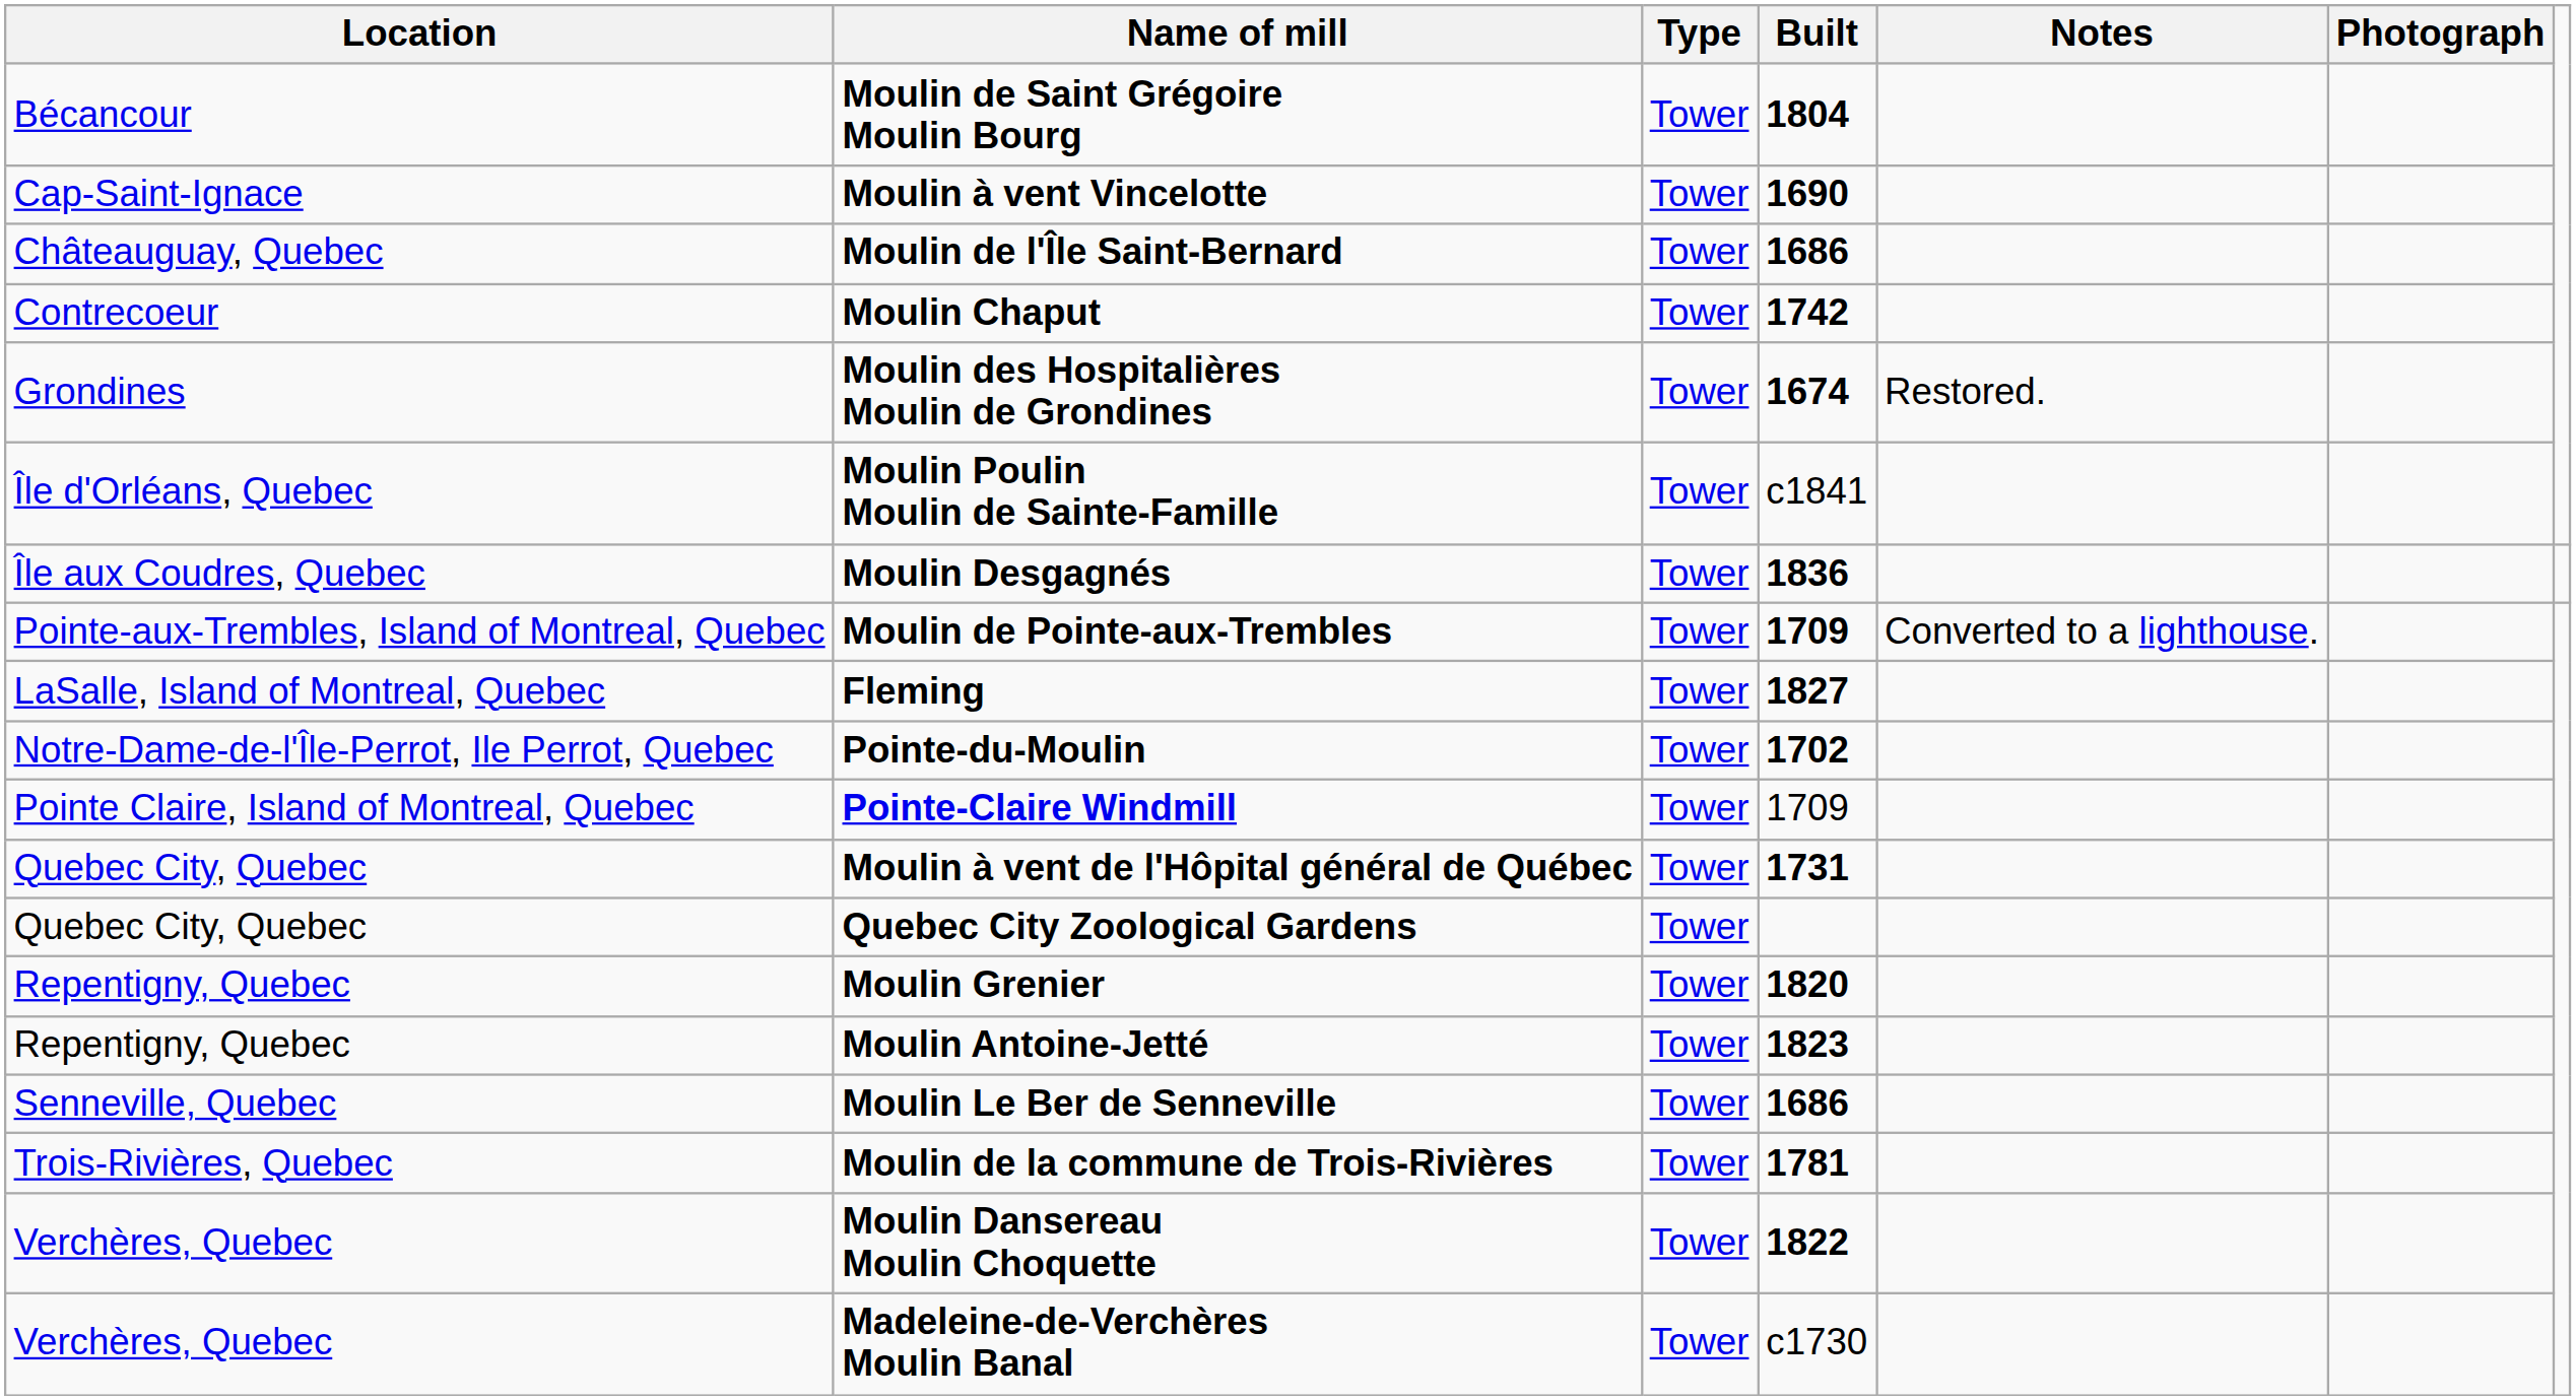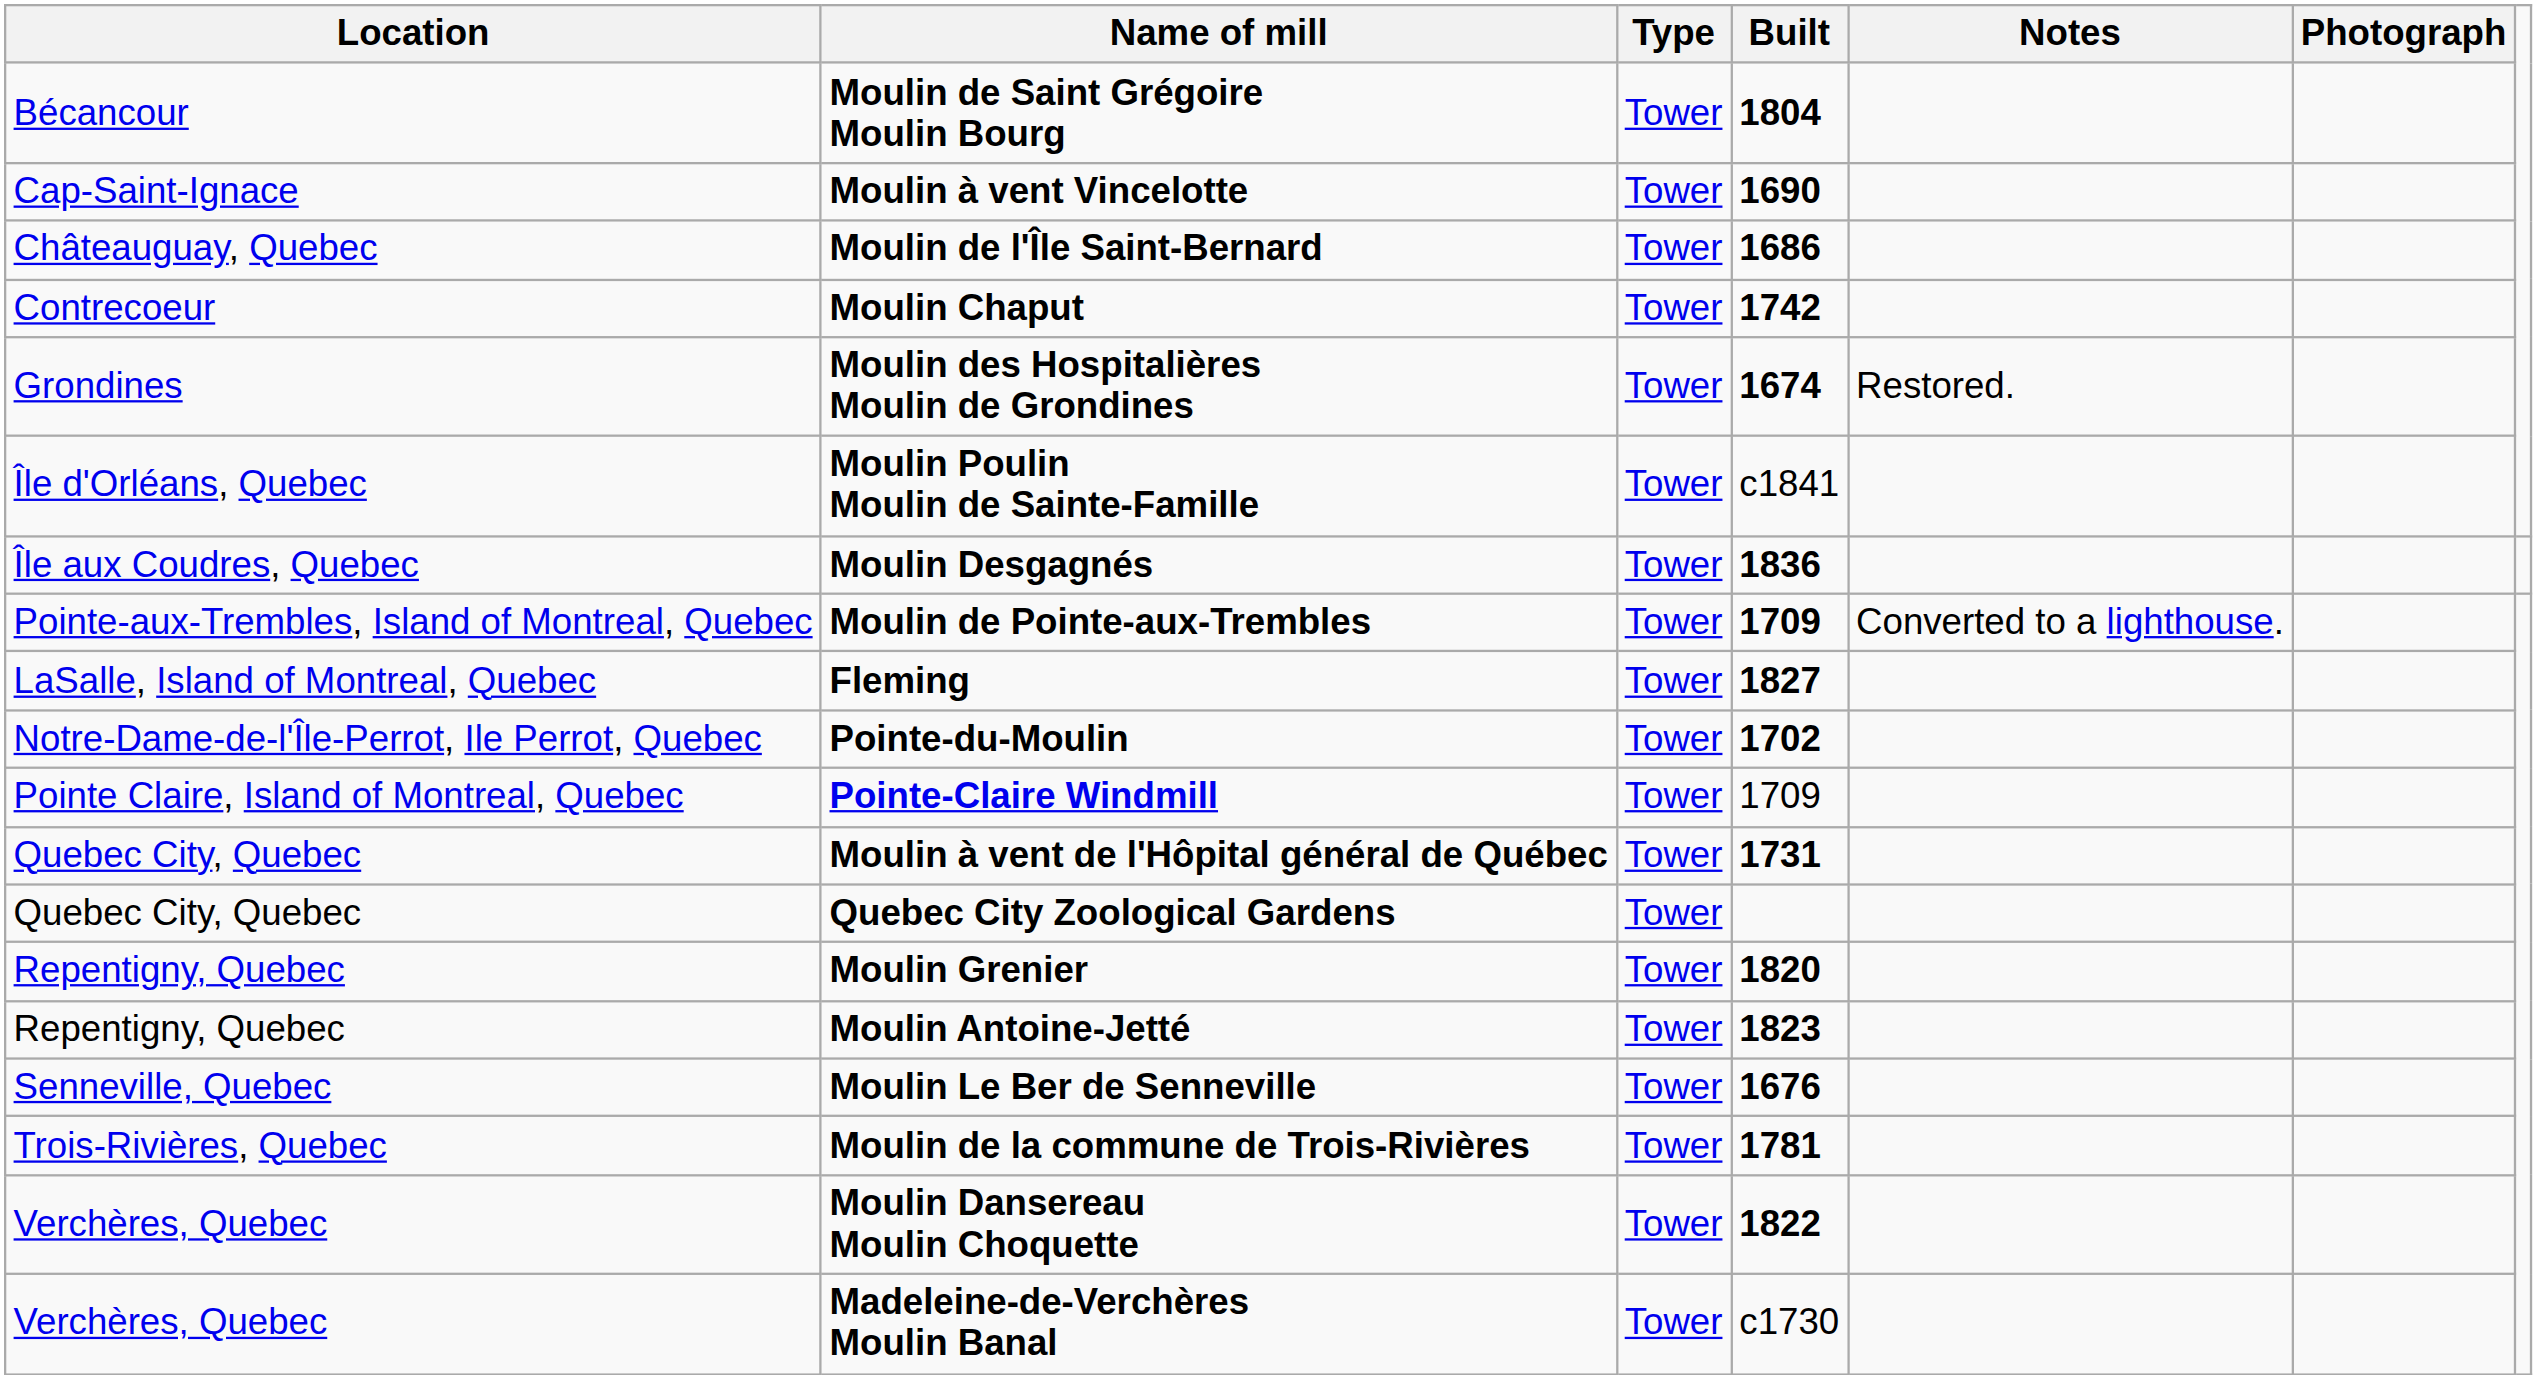 <table class="wikitable">
 <tr>
 <th>Location</th>
 <th>Name of mill</th>
 <th>Type</th>
 <th>Built</th>
 <th>Notes</th>
 <th>Photograph</th>
 </tr>
 <tr>
 <td><a href='#'>Bécancour</a></td>
 <td><strong>Moulin de Saint Grégoire<br>Moulin Bourg</strong><br></td>
 <td><a href='#'>Tower</a></td>
 <td><strong>1804</strong></td>
 <td></td>
 <td></td>
 </tr>
 <tr>
 <td><a href='#'>Cap-Saint-Ignace</a></td>
 <td><strong>Moulin à vent Vincelotte</strong><br></td>
 <td><a href='#'>Tower</a></td>
 <td><strong>1690</strong></td>
 <td></td>
 <td></td>
 </tr>
 <tr>
 <td><a href='#'>Châteauguay</a>, <a href='#'>Quebec</a></td>
 <td><strong>Moulin de l'Île Saint-Bernard</strong></td>
 <td><a href='#'>Tower</a></td>
 <td><strong>1686</strong></td>
 <td></td>
 <td></td>
 </tr>
 <tr>
 <td><a href='#'>Contrecoeur</a></td>
 <td><strong>Moulin Chaput</strong></td>
 <td><a href='#'>Tower</a></td>
 <td><strong>1742</strong></td>
 <td></td>
 <td></td>
 </tr>
 <tr>
 <td><a href='#'>Grondines</a></td>
 <td><strong>Moulin des Hospitalières<br>Moulin de Grondines</strong><br></td>
 <td><a href='#'>Tower</a></td>
 <td><strong>1674</strong></td>
 <td>Restored.</td>
 <td></td>
 </tr>
 <tr>
 <td><a href='#'>Île d'Orléans</a>, <a href='#'>Quebec</a></td>
 <td><strong>Moulin Poulin<br>Moulin de Sainte-Famille</strong></td>
 <td><a href='#'>Tower</a></td>
 <td>c1841</td>
 <td></td>
 <td></td>
 </tr>
 <tr>
 <td><a href='#'>Île aux Coudres</a>, <a href='#'>Quebec</a></td>
 <td><strong>Moulin Desgagnés</strong></td>
 <td><a href='#'>Tower</a></td>
 <td><strong>1836</strong></td>
 <td></td>
 <td></td>
 <td></td>
 </tr>
 <tr>
 <td><a href='#'>Pointe-aux-Trembles</a>, <a href='#'>Island of Montreal</a>, <a href='#'>Quebec</a></td>
 <td><strong>Moulin de Pointe-aux-Trembles</strong></td>
 <td><a href='#'>Tower</a></td>
 <td><strong>1709</strong></td>
 <td>Converted to a <a href='#'>lighthouse</a>.</td>
 <td></td>
 </tr>
 <tr>
 <td><a href='#'>LaSalle</a>, <a href='#'>Island of Montreal</a>, <a href='#'>Quebec</a></td>
 <td><strong>Fleming</strong></td>
 <td><a href='#'>Tower</a></td>
 <td><strong>1827</strong></td>
 <td></td>
 <td></td>
 </tr>
 <tr>
 <td><a href='#'>Notre-Dame-de-l'Île-Perrot</a>, <a href='#'>Ile Perrot</a>, <a href='#'>Quebec</a></td>
 <td><strong>Pointe-du-Moulin</strong></td>
 <td><a href='#'>Tower</a></td>
 <td><strong>1702</strong></td>
 <td></td>
 <td></td>
 </tr>
 <tr>
 <td><a href='#'>Pointe Claire</a>, <a href='#'>Island of Montreal</a>, <a href='#'>Quebec</a></td>
 <td><strong><a href='#'>Pointe-Claire Windmill</a></strong><br> </td>
 <td><a href='#'>Tower</a></td>
 <td>1709 </td>
 <td></td>
 <td></td>
 </tr>
 <tr>
 <td><a href='#'>Quebec City</a>, <a href='#'>Quebec</a></td>
 <td><strong>Moulin à vent de l'Hôpital général de Québec</strong><br></td>
 <td><a href='#'>Tower</a></td>
 <td><strong>1731</strong></td>
 <td></td>
 <td></td>
 </tr>
 <tr>
 <td>Quebec City, Quebec</td>
 <td><strong>Quebec City Zoological Gardens</strong></td>
 <td><a href='#'>Tower</a></td>
 <td></td>
 <td></td>
 <td></td>
 </tr>
 <tr>
 <td><a href='#'>Repentigny, Quebec</a></td>
 <td><strong>Moulin Grenier</strong><br></td>
 <td><a href='#'>Tower</a></td>
 <td><strong>1820</strong></td>
 <td></td>
 <td></td>
 </tr>
 <tr>
 <td>Repentigny, Quebec</td>
 <td><strong>Moulin Antoine-Jetté</strong><br></td>
 <td><a href='#'>Tower</a></td>
 <td><strong>1823</strong></td>
 <td></td>
 <td></td>
 </tr>
 <tr>
 <td><a href='#'>Senneville, Quebec</a></td>
 <td><strong>Moulin Le Ber de Senneville</strong><br></td>
 <td><a href='#'>Tower</a></td>
-<td><strong>1686</strong></td>
+<td><strong>1676</strong></td>
 <td></td>
 <td></td>
 </tr>
 <tr>
 <td><a href='#'>Trois-Rivières</a>, <a href='#'>Quebec</a></td>
 <td><strong>Moulin de la commune de Trois-Rivières</strong></td>
 <td><a href='#'>Tower</a></td>
 <td><strong>1781</strong></td>
 <td></td>
 <td></td>
 </tr>
 <tr>
 <td><a href='#'>Verchères, Quebec</a></td>
 <td><strong>Moulin Dansereau<br>Moulin Choquette</strong><br></td>
 <td><a href='#'>Tower</a></td>
 <td><strong>1822</strong></td>
 <td></td>
 <td></td>
 </tr>
 <tr>
 <td><a href='#'>Verchères, Quebec</a></td>
 <td><strong>Madeleine-de-Verchères<br>Moulin Banal</strong> <br></td>
 <td><a href='#'>Tower</a></td>
 <td>c1730</td>
 <td></td>
 <td></td>
 </tr>
 </table>
